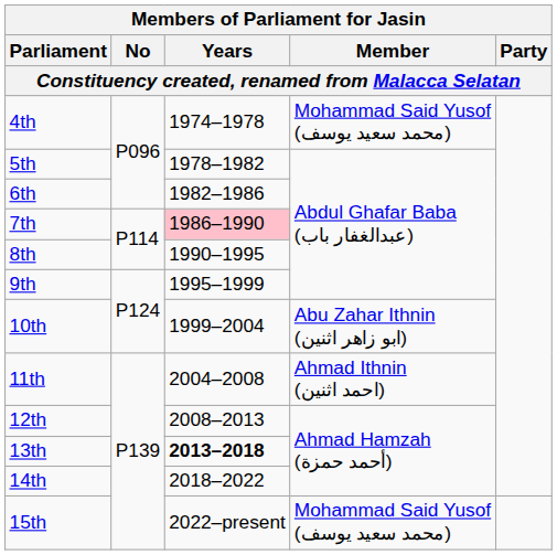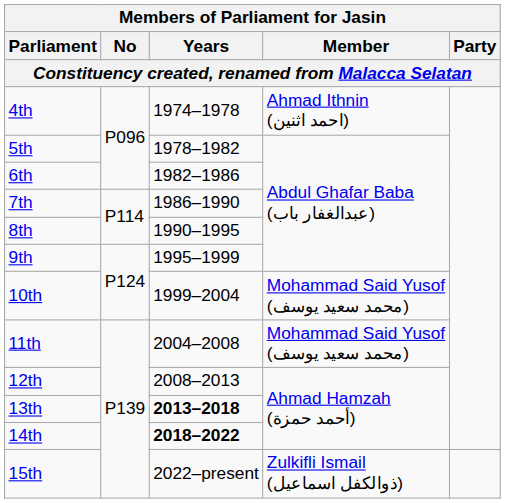 <table class=wikitable>
 <tr>
 <th colspan="5">Members of Parliament for Jasin</th>
 </tr>
 <tr>
 <th>Parliament</th>
 <th>No</th>
 <th>Years</th>
 <th>Member</th>
 <th>Party</th>
 </tr>
 <tr>
 <th colspan="5" align="center"><em>Constituency created, renamed from <a href='#'>Malacca Selatan</a></em></th>
 </tr>
 <tr>
 <td><a href='#'>4th</a></td>
 <td rowspan="3">P096</td>
 <td>1974–1978</td>
-<td><a href='#'>Mohammad Said Yusof</a> <br> (محمد سعيد يوسف‎)</td>
+<td><a href='#'>Ahmad Ithnin</a>  <br>(احمد اثنين)</td>
 <td rowspan="11"></td>
 </tr>
 <tr>
 <td><a href='#'>5th</a></td>
 <td>1978–1982</td>
 <td rowspan=5><a href='#'>Abdul Ghafar Baba</a>  <br>(عبدالغفار باب‎)</td>
 </tr>
 <tr>
 <td><a href='#'>6th</a></td>
 <td>1982–1986</td>
 </tr>
 <tr>
 <td><a href='#'>7th</a></td>
 <td rowspan="2">P114</td>
-<td style="background: pink;">1986–1990</td>
+<td>1986–1990</td>
 </tr>
 <tr>
 <td><a href='#'>8th</a></td>
 <td>1990–1995</td>
 </tr>
 <tr>
 <td><a href='#'>9th</a></td>
 <td rowspan="2">P124</td>
 <td>1995–1999</td>
 </tr>
 <tr>
 <td><a href='#'>10th</a></td>
 <td>1999–2004</td>
-<td><a href='#'>Abu Zahar Ithnin</a> <br> (ابو زاهر اثنين)</td>
+<td><a href='#'>Mohammad Said Yusof</a> <br> (محمد سعيد يوسف‎)</td>
 </tr>
 <tr>
 <td><a href='#'>11th</a></td>
 <td rowspan="5">P139</td>
 <td>2004–2008</td>
-<td><a href='#'>Ahmad Ithnin</a>  <br>(احمد اثنين)</td>
+<td><a href='#'>Mohammad Said Yusof</a> <br> (محمد سعيد يوسف‎)</td>
 </tr>
 <tr>
 <td><a href='#'>12th</a></td>
 <td>2008–2013</td>
 <td rowspan=3><a href='#'>Ahmad Hamzah</a> <br> (أحمد حمزة‎)</td>
 </tr>
 <tr>
 <td><a href='#'>13th</a></td>
 <td><strong>2013–2018</strong></td>
 </tr>
 <tr>
 <td><a href='#'>14th</a></td>
-<td>2018–2022</td>
+<td><strong>2018–2022</strong></td>
 </tr>
 <tr>
 <td><a href='#'>15th</a></td>
 <td>2022–present</td>
-<td><a href='#'>Mohammad Said Yusof</a> <br> (محمد سعيد يوسف‎)</td>
+<td><a href='#'>Zulkifli Ismail</a>  <br>(ذوالكفل اسماعيل)</td>
 <td></td>
 </tr>
 </table>
